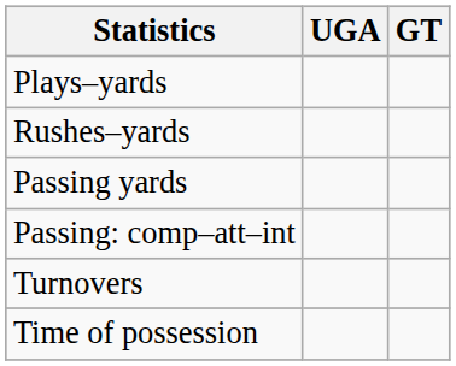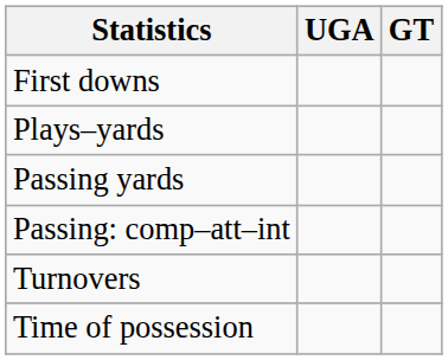 <table class="wikitable" style="float:left">
 <tr>
 <th>Statistics</th>
 <th>UGA</th>
 <th>GT</th>
 </tr>
 <tr>
-<td>Plays–yards</td>
+<td>First downs</td>
 <td></td>
 <td></td>
 </tr>
 <tr>
-<td>Rushes–yards</td>
+<td>Plays–yards</td>
 <td></td>
 <td></td>
 </tr>
 <tr>
 <td>Passing yards</td>
 <td></td>
 <td></td>
 </tr>
 <tr>
 <td>Passing: comp–att–int</td>
 <td></td>
 <td></td>
 </tr>
 <tr>
 <td>Turnovers</td>
 <td></td>
 <td></td>
 </tr>
 <tr>
 <td>Time of possession</td>
 <td></td>
 <td></td>
 </tr>
 </table>
